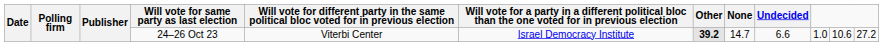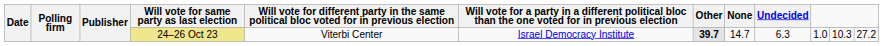 <table class="wikitable sortable" style="text-align:center; font-size:90%; line-height:13px">
 <tr>
 <th rowspan=2>Date</th>
 <th rowspan=2>Polling firm</th>
 <th rowspan=2>Publisher</th>
 <th>Will vote for same party as last election</th>
 <th>Will vote for different party in the same political bloc voted for in previous election</th>
 <th>Will vote for a party in a different political bloc than the one voted for in previous election</th>
 <th>Other</th>
 <th>None</th>
 <th><a href='#'>Undecided</a></th>
 </tr>
 <tr>
-<td data-sort-value=2023-10-26>24–26 Oct 23</td>
+<td data-sort-value=2023-10-26 style="background: khaki;">24–26 Oct 23</td>
 <td>Viterbi Center</td>
 <td><a href='#'>Israel Democracy Institute</a></td>
-<td style=background:#E4E4E4><strong>39.2</strong></td>
+<td style=background:#E4E4E4><strong>39.7</strong></td>
 <td>14.7</td>
-<td>6.6</td>
+<td>6.3</td>
 <td>1.0</td>
-<td>10.6</td>
+<td>10.3</td>
 <td>27.2</td>
 </tr>
 </table>
